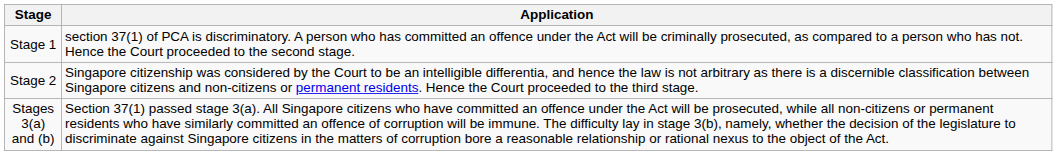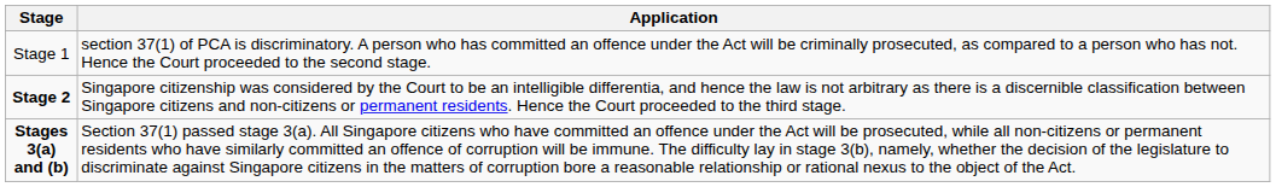 <table class=wikitable>
 <tr>
 <th>Stage</th>
 <th>Application</th>
 </tr>
 <tr>
 <td align=center>Stage 1</td>
 <td>section 37(1) of PCA is discriminatory. A person who has committed an offence under the Act will be criminally prosecuted, as compared to a person who has not. Hence the Court proceeded to the second stage.</td>
 </tr>
 <tr>
-<td align=center>Stage 2</td>
+<td align=center><strong>Stage 2</strong></td>
 <td>Singapore citizenship was considered by the Court to be an intelligible differentia, and hence the law is not arbitrary as there is a discernible classification between Singapore citizens and non-citizens or <a href='#'>permanent residents</a>. Hence the Court proceeded to the third stage.</td>
 </tr>
 <tr>
-<td align=center>Stages 3(a)<br>and (b)</td>
+<td align=center><strong>Stages 3(a)<br>and (b)</strong></td>
 <td>Section 37(1) passed stage 3(a). All Singapore citizens who have committed an offence under the Act will be prosecuted, while all non-citizens or permanent residents who have similarly committed an offence of corruption will be immune. The difficulty lay in stage 3(b), namely, whether the decision of the legislature to discriminate against Singapore citizens in the matters of corruption bore a reasonable relationship or rational nexus to the object of the Act.</td>
 </tr>
 </table>
